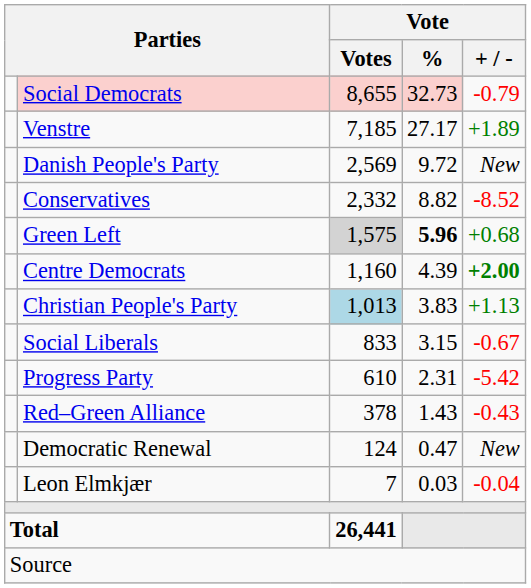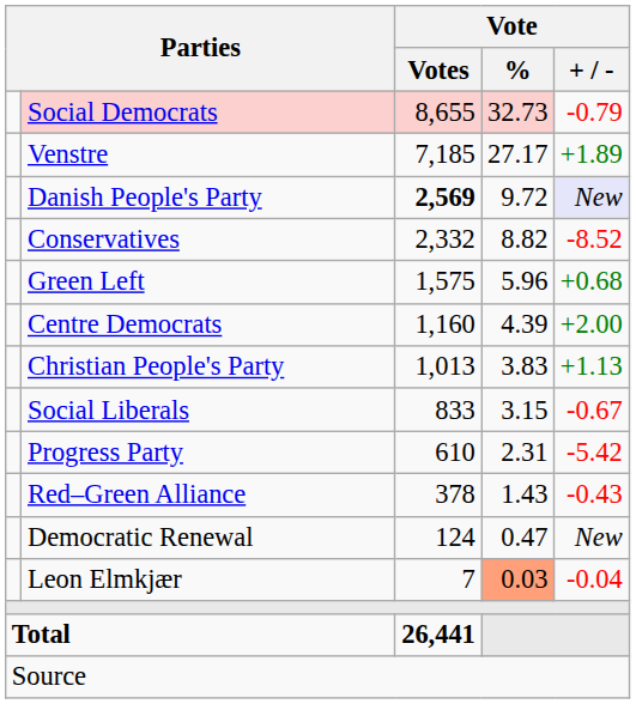 <table class="wikitable" style="text-align:right;">
 <tr>
 <th style="text-align:centre;" rowspan="2" colspan="2" width="225">Parties</th>
 <th colspan="3">Vote</th>
 </tr>
 <tr>
 <th width="15">Votes</th>
 <th width="15">%</th>
 <th width="15">+ / -</th>
 </tr>
 <tr>
 <td width="2" style="color:inherit;background:"></td>
 <td bgcolor=#fbd0ce  align="left"><a href='#'>Social Democrats</a></td>
 <td bgcolor=#fbd0ce>8,655</td>
 <td bgcolor=#fbd0ce>32.73</td>
 <td style=color:red;>-0.79</td>
 </tr>
 <tr>
 <td width="2" style="color:inherit;background:"></td>
 <td align="left"><a href='#'>Venstre</a></td>
 <td>7,185</td>
 <td>27.17</td>
 <td style=color:green;>+1.89</td>
 </tr>
 <tr>
 <td width="2" style="color:inherit;background:"></td>
 <td align="left"><a href='#'>Danish People's Party</a></td>
-<td>2,569</td>
+<td><strong>2,569</strong></td>
 <td>9.72</td>
-<td><em>New</em></td>
+<td style="background: lavender;"><em>New</em></td>
 </tr>
 <tr>
 <td width="2" style="color:inherit;background:"></td>
 <td align="left"><a href='#'>Conservatives</a></td>
 <td>2,332</td>
 <td>8.82</td>
 <td style=color:red;>-8.52</td>
 </tr>
 <tr>
 <td width="2" style="color:inherit;background:"></td>
 <td align="left"><a href='#'>Green Left</a></td>
-<td style="background: lightgrey;">1,575</td>
-<td><strong>5.96</strong></td>
+<td>1,575</td>
+<td>5.96</td>
 <td style=color:green;>+0.68</td>
 </tr>
 <tr>
 <td width="2" style="color:inherit;background:"></td>
 <td align="left"><a href='#'>Centre Democrats</a></td>
 <td>1,160</td>
 <td>4.39</td>
-<td style=color:green;><strong>+2.00</strong></td>
+<td style=color:green;>+2.00</td>
 </tr>
 <tr>
 <td width="2" style="color:inherit;background:"></td>
 <td align="left"><a href='#'>Christian People's Party</a></td>
-<td style="background: lightblue;">1,013</td>
+<td>1,013</td>
 <td>3.83</td>
 <td style=color:green;>+1.13</td>
 </tr>
 <tr>
 <td width="2" style="color:inherit;background:"></td>
 <td align="left"><a href='#'>Social Liberals</a></td>
 <td>833</td>
 <td>3.15</td>
 <td style=color:red;>-0.67</td>
 </tr>
 <tr>
 <td width="2" style="color:inherit;background:"></td>
 <td align="left"><a href='#'>Progress Party</a></td>
 <td>610</td>
 <td>2.31</td>
 <td style=color:red;>-5.42</td>
 </tr>
 <tr>
 <td width="2" style="color:inherit;background:"></td>
 <td align="left"><a href='#'>Red–Green Alliance</a></td>
 <td>378</td>
 <td>1.43</td>
 <td style=color:red;>-0.43</td>
 </tr>
 <tr>
 <td width="2" style="color:inherit;background:"></td>
 <td align="left">Democratic Renewal</td>
 <td>124</td>
 <td>0.47</td>
 <td><em>New</em></td>
 </tr>
 <tr>
 <td width="2" style="color:inherit;background:"></td>
 <td align="left">Leon Elmkjær</td>
 <td>7</td>
-<td>0.03</td>
+<td style="background: lightsalmon;">0.03</td>
 <td style=color:red;>-0.04</td>
 </tr>
 <tr>
 <td colspan="7" bgcolor="#E9E9E9"></td>
 </tr>
 <tr>
 <td align="left" colspan="2"><strong>Total</strong></td>
 <td><strong>26,441</strong></td>
 <td bgcolor="#E9E9E9" colspan="2"></td>
 </tr>
 <tr>
 <td align="left" colspan="6">Source</td>
 </tr>
 </table>
